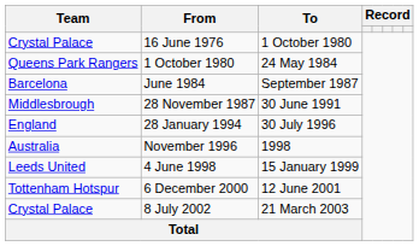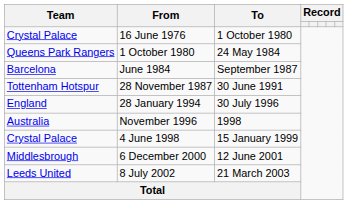 <table class=wikitable style="text-align: center">
 <tr>
 <th rowspan=2>Team</th>
 <th rowspan=2>From</th>
 <th rowspan=2>To</th>
 <th colspan=5>Record</th>
 </tr>
 <tr>
 <th></th>
 <th></th>
 <th></th>
 <th></th>
 <th></th>
 </tr>
 <tr>
 <td align=left><a href='#'>Crystal Palace</a></td>
 <td align=left>16 June 1976</td>
 <td align=left>1 October 1980<br></td>
 </tr>
 <tr>
 <td align=left><a href='#'>Queens Park Rangers</a></td>
 <td align=left>1 October 1980</td>
 <td align=left>24 May 1984<br></td>
 </tr>
 <tr>
 <td align=left><a href='#'>Barcelona</a></td>
 <td align=left>June 1984</td>
 <td align=left>September 1987<br></td>
 </tr>
 <tr>
-<td align=left><a href='#'>Middlesbrough</a></td>
+<td align=left><a href='#'>Tottenham Hotspur</a></td>
 <td align=left>28 November 1987</td>
 <td align=left>30 June 1991<br></td>
 </tr>
 <tr>
 <td align=left><a href='#'>England</a></td>
 <td align=left>28 January 1994</td>
 <td align=left>30 July 1996<br></td>
 </tr>
 <tr>
 <td align=left><a href='#'>Australia</a></td>
 <td align=left>November 1996</td>
 <td align=left>1998<br></td>
 </tr>
 <tr>
-<td align=left><a href='#'>Leeds United</a></td>
+<td align=left><a href='#'>Crystal Palace</a></td>
 <td align=left>4 June 1998</td>
 <td align=left>15 January 1999<br></td>
 </tr>
 <tr>
-<td align=left><a href='#'>Tottenham Hotspur</a></td>
+<td align=left><a href='#'>Middlesbrough</a></td>
 <td align=left>6 December 2000</td>
 <td align=left>12 June 2001<br></td>
 </tr>
 <tr>
-<td align=left><a href='#'>Crystal Palace</a></td>
+<td align=left><a href='#'>Leeds United</a></td>
 <td align=left>8 July 2002</td>
 <td align=left>21 March 2003<br></td>
 </tr>
 <tr>
 <th colspan=3>Total<br></th>
 </tr>
 </table>
